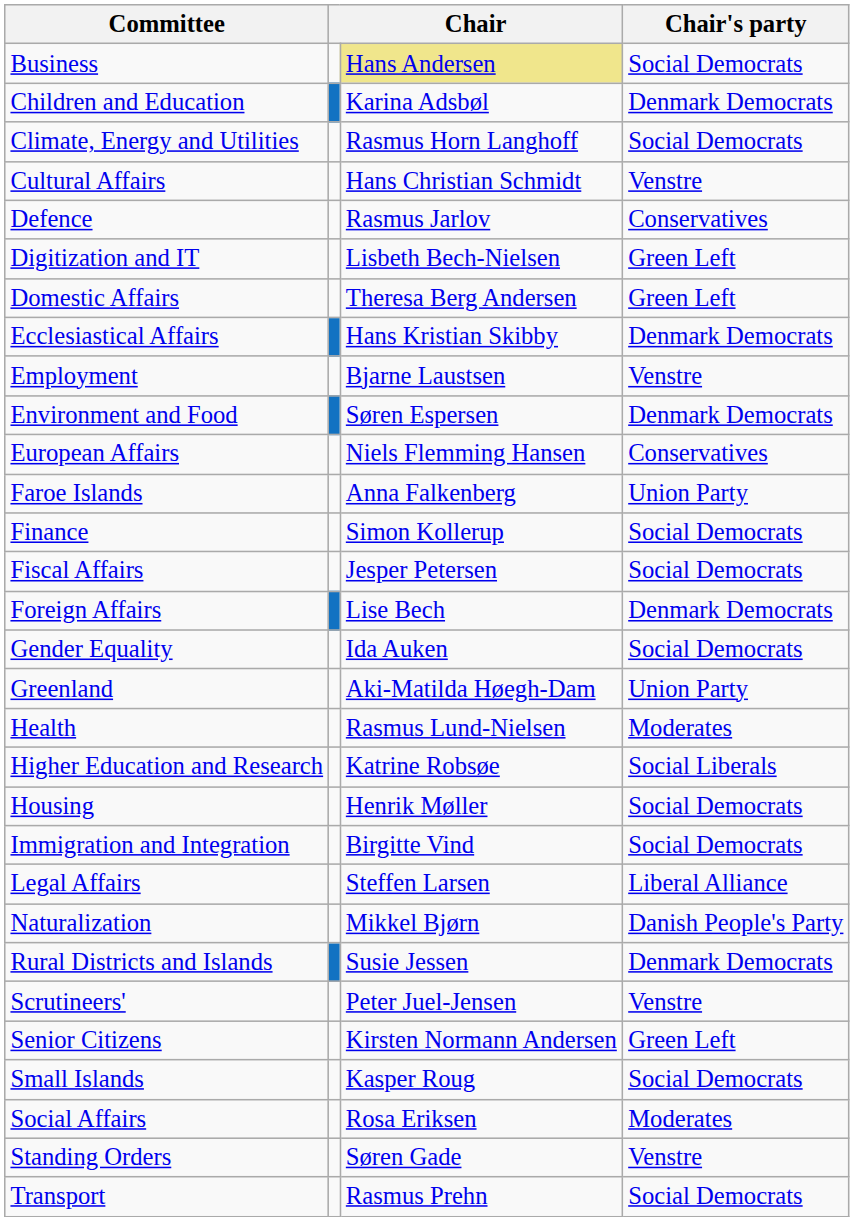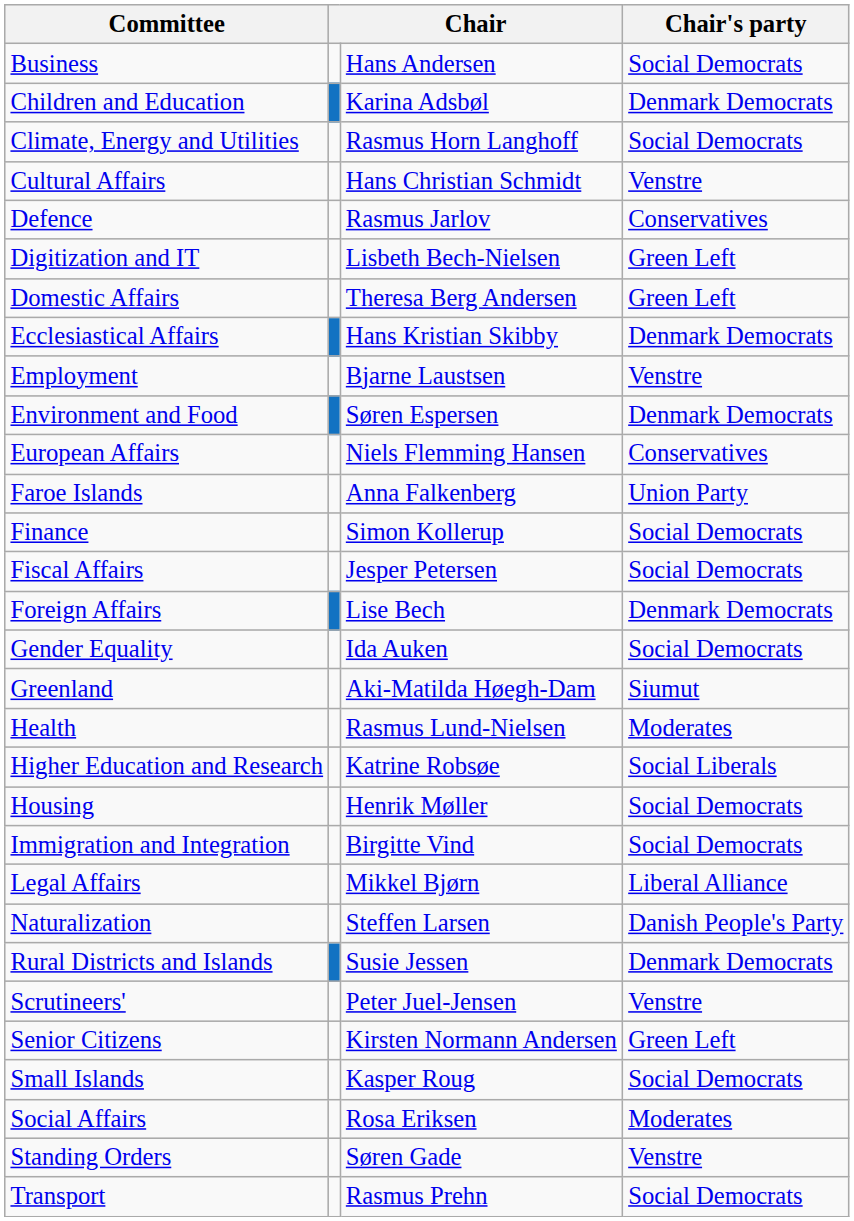 <table class="wikitable sortable">
 <tr>
 <th>Committee</th>
 <th colspan="2">Chair</th>
 <th>Chair's party</th>
 </tr>
 <tr>
 <td><a href='#'>Business</a></td>
 <td style="background:"></td>
-<td style="background: khaki;"><a href='#'>Hans Andersen</a></td>
+<td><a href='#'>Hans Andersen</a></td>
 <td><a href='#'>Social Democrats</a></td>
 </tr>
 <tr>
 <td><a href='#'>Children and Education</a></td>
 <td style="background:#1272C2;"></td>
 <td><a href='#'>Karina Adsbøl</a></td>
 <td><a href='#'>Denmark Democrats</a></td>
 </tr>
 <tr>
 <td><a href='#'>Climate, Energy and Utilities</a></td>
 <td style="background:"></td>
 <td><a href='#'>Rasmus Horn Langhoff</a></td>
 <td><a href='#'>Social Democrats</a></td>
 </tr>
 <tr>
 <td><a href='#'>Cultural Affairs</a></td>
 <td style="background:"></td>
 <td><a href='#'>Hans Christian Schmidt</a></td>
 <td><a href='#'>Venstre</a></td>
 </tr>
 <tr>
 <td><a href='#'>Defence</a></td>
 <td style="background:"></td>
 <td><a href='#'>Rasmus Jarlov</a></td>
 <td><a href='#'>Conservatives</a></td>
 </tr>
 <tr>
 <td><a href='#'>Digitization and IT</a></td>
 <td style="background:"></td>
 <td><a href='#'>Lisbeth Bech-Nielsen</a></td>
 <td><a href='#'>Green Left</a></td>
 </tr>
 <tr>
 <td><a href='#'>Domestic Affairs</a></td>
 <td style="background:"></td>
 <td><a href='#'>Theresa Berg Andersen</a></td>
 <td><a href='#'>Green Left</a></td>
 </tr>
 <tr>
 <td><a href='#'>Ecclesiastical Affairs</a></td>
 <td style="background:#1272C2;"></td>
 <td><a href='#'>Hans Kristian Skibby</a></td>
 <td><a href='#'>Denmark Democrats</a></td>
 </tr>
 <tr>
 <td><a href='#'>Employment</a></td>
 <td style="background:"></td>
 <td><a href='#'>Bjarne Laustsen</a></td>
 <td><a href='#'>Venstre</a></td>
 </tr>
 <tr>
 <td><a href='#'>Environment and Food</a></td>
 <td style="background:#1272C2;"></td>
 <td><a href='#'>Søren Espersen</a></td>
 <td><a href='#'>Denmark Democrats</a></td>
 </tr>
 <tr>
 <td><a href='#'>European Affairs</a></td>
 <td style="background:"></td>
 <td><a href='#'>Niels Flemming Hansen</a></td>
 <td><a href='#'>Conservatives</a></td>
 </tr>
 <tr>
 <td><a href='#'>Faroe Islands</a></td>
 <td style="background:"></td>
 <td><a href='#'>Anna Falkenberg</a></td>
 <td><a href='#'>Union Party</a></td>
 </tr>
 <tr>
 <td><a href='#'>Finance</a></td>
 <td style="background:"></td>
 <td><a href='#'>Simon Kollerup</a></td>
 <td><a href='#'>Social Democrats</a></td>
 </tr>
 <tr>
 <td><a href='#'>Fiscal Affairs</a></td>
 <td style="background:"></td>
 <td><a href='#'>Jesper Petersen</a></td>
 <td><a href='#'>Social Democrats</a></td>
 </tr>
 <tr>
 <td><a href='#'>Foreign Affairs</a></td>
 <td style="background:#1272C2;"></td>
 <td><a href='#'>Lise Bech</a></td>
 <td><a href='#'>Denmark Democrats</a></td>
 </tr>
 <tr>
 <td><a href='#'>Gender Equality</a></td>
 <td style="background:"></td>
 <td><a href='#'>Ida Auken</a></td>
 <td><a href='#'>Social Democrats</a></td>
 </tr>
 <tr>
 <td><a href='#'>Greenland</a></td>
 <td style="background:"></td>
 <td><a href='#'>Aki-Matilda Høegh-Dam</a></td>
-<td><a href='#'>Union Party</a></td>
+<td><a href='#'>Siumut</a></td>
 </tr>
 <tr>
 <td><a href='#'>Health</a></td>
 <td style="background:"></td>
 <td><a href='#'>Rasmus Lund-Nielsen</a></td>
 <td><a href='#'>Moderates</a></td>
 </tr>
 <tr>
 <td><a href='#'>Higher Education and Research</a></td>
 <td style="background:"></td>
 <td><a href='#'>Katrine Robsøe</a></td>
 <td><a href='#'>Social Liberals</a></td>
 </tr>
 <tr>
 <td><a href='#'>Housing</a></td>
 <td style="background:"></td>
 <td><a href='#'>Henrik Møller</a></td>
 <td><a href='#'>Social Democrats</a></td>
 </tr>
 <tr>
 <td><a href='#'>Immigration and Integration</a></td>
 <td style="background:"></td>
 <td><a href='#'>Birgitte Vind</a></td>
 <td><a href='#'>Social Democrats</a></td>
 </tr>
 <tr>
 <td><a href='#'>Legal Affairs</a></td>
 <td style="background:"></td>
-<td><a href='#'>Steffen Larsen</a></td>
+<td><a href='#'>Mikkel Bjørn</a></td>
 <td><a href='#'>Liberal Alliance</a></td>
 </tr>
 <tr>
 <td><a href='#'>Naturalization</a></td>
 <td style="background:"></td>
-<td><a href='#'>Mikkel Bjørn</a></td>
+<td><a href='#'>Steffen Larsen</a></td>
 <td><a href='#'>Danish People's Party</a></td>
 </tr>
 <tr>
 <td><a href='#'>Rural Districts and Islands</a></td>
 <td style="background:#1272C2;"></td>
 <td><a href='#'>Susie Jessen</a></td>
 <td><a href='#'>Denmark Democrats</a></td>
 </tr>
 <tr>
 <td><a href='#'>Scrutineers'</a></td>
 <td style="background:"></td>
 <td><a href='#'>Peter Juel-Jensen</a></td>
 <td><a href='#'>Venstre</a></td>
 </tr>
 <tr>
 <td><a href='#'>Senior Citizens</a></td>
 <td style="background:"></td>
 <td><a href='#'>Kirsten Normann Andersen</a></td>
 <td><a href='#'>Green Left</a></td>
 </tr>
 <tr>
 <td><a href='#'>Small Islands</a></td>
 <td style="background:"></td>
 <td><a href='#'>Kasper Roug</a></td>
 <td><a href='#'>Social Democrats</a></td>
 </tr>
 <tr>
 <td><a href='#'>Social Affairs</a></td>
 <td style="background:"></td>
 <td><a href='#'>Rosa Eriksen</a></td>
 <td><a href='#'>Moderates</a></td>
 </tr>
 <tr>
 <td><a href='#'>Standing Orders</a></td>
 <td style="background:"></td>
 <td><a href='#'>Søren Gade</a></td>
 <td><a href='#'>Venstre</a></td>
 </tr>
 <tr>
 <td><a href='#'>Transport</a></td>
 <td style="background:"></td>
 <td><a href='#'>Rasmus Prehn</a></td>
 <td><a href='#'>Social Democrats</a></td>
 </tr>
 </table>
